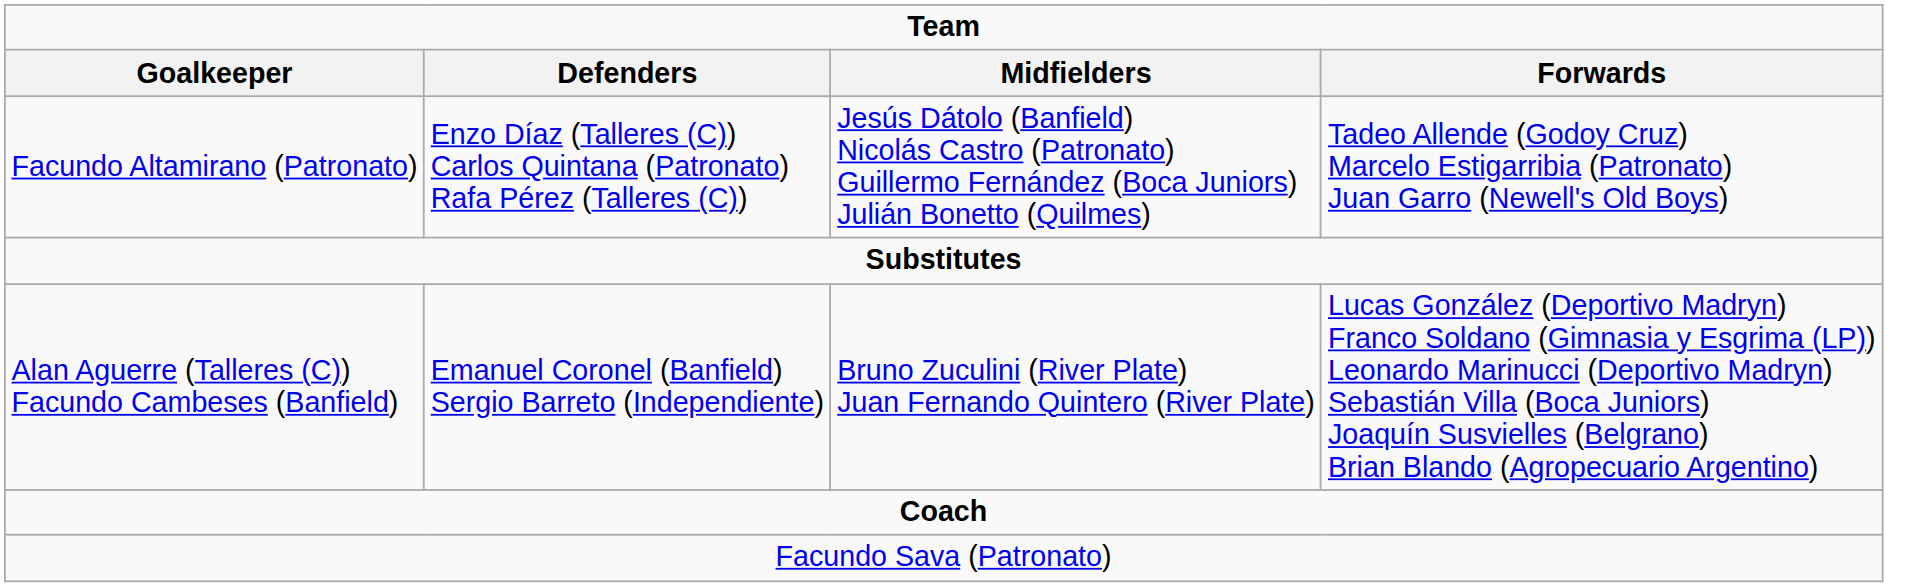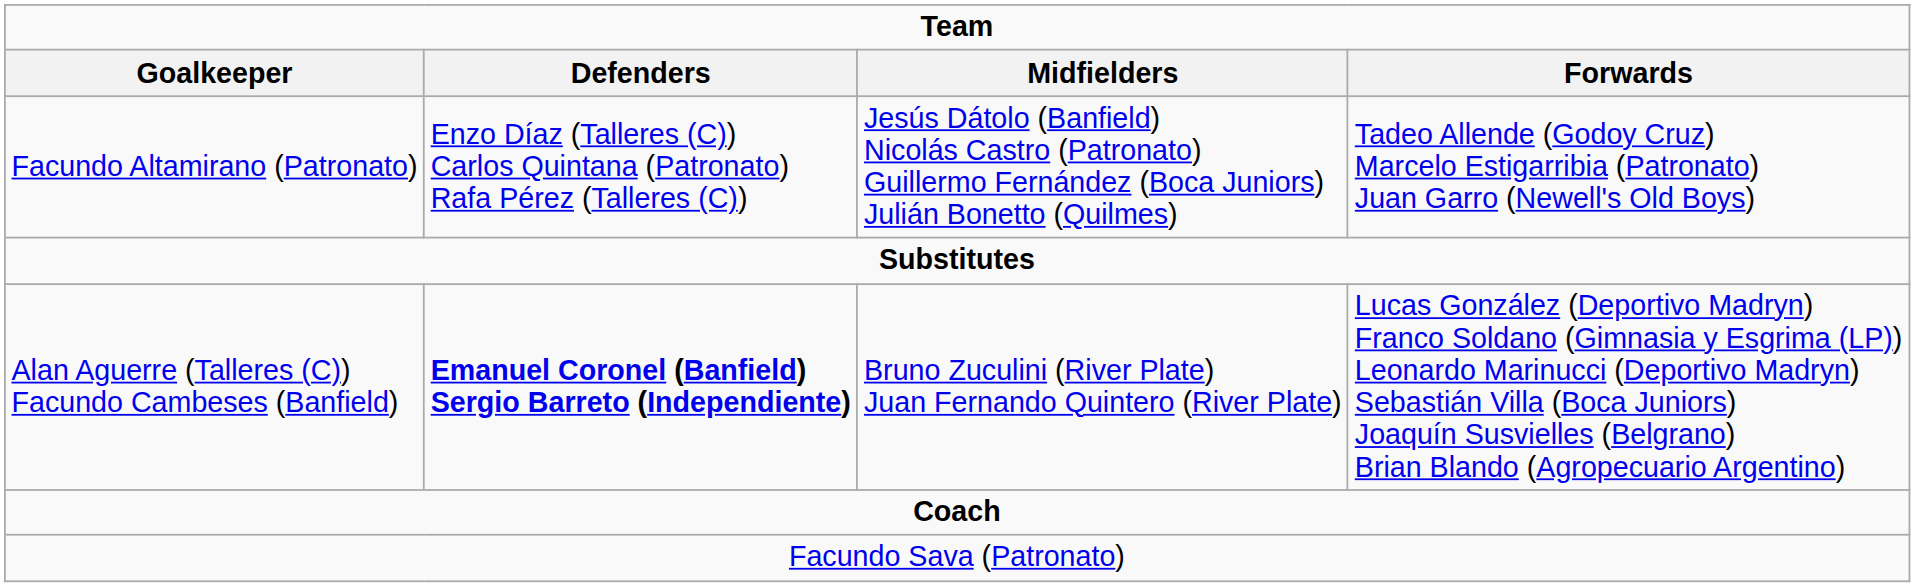 <table class=wikitable>
 <tr>
 <td colspan=4 align=center><strong>Team</strong></td>
 </tr>
 <tr>
 <th>Goalkeeper</th>
 <th>Defenders</th>
 <th>Midfielders</th>
 <th>Forwards</th>
 </tr>
 <tr>
 <td><a href='#'>Facundo Altamirano</a> (<a href='#'>Patronato</a>)</td>
 <td><a href='#'>Enzo Díaz</a> (<a href='#'>Talleres (C)</a>)<br><a href='#'>Carlos Quintana</a> (<a href='#'>Patronato</a>)<br><a href='#'>Rafa Pérez</a> (<a href='#'>Talleres (C)</a>)</td>
 <td><a href='#'>Jesús Dátolo</a> (<a href='#'>Banfield</a>)<br><a href='#'>Nicolás Castro</a> (<a href='#'>Patronato</a>)<br><a href='#'>Guillermo Fernández</a> (<a href='#'>Boca Juniors</a>)<br><a href='#'>Julián Bonetto</a> (<a href='#'>Quilmes</a>)</td>
 <td><a href='#'>Tadeo Allende</a> (<a href='#'>Godoy Cruz</a>)<br><a href='#'>Marcelo Estigarribia</a> (<a href='#'>Patronato</a>)<br><a href='#'>Juan Garro</a> (<a href='#'>Newell's Old Boys</a>)</td>
 </tr>
 <tr>
 <td colspan=4 align=center><strong>Substitutes</strong></td>
 </tr>
 <tr>
 <td><a href='#'>Alan Aguerre</a> (<a href='#'>Talleres (C)</a>)<br><a href='#'>Facundo Cambeses</a> (<a href='#'>Banfield</a>)</td>
-<td><a href='#'>Emanuel Coronel</a> (<a href='#'>Banfield</a>)<br><a href='#'>Sergio Barreto</a> (<a href='#'>Independiente</a>)</td>
+<td><strong><a href='#'>Emanuel Coronel</a> (<a href='#'>Banfield</a>)<br><a href='#'>Sergio Barreto</a> (<a href='#'>Independiente</a>)</strong></td>
 <td><a href='#'>Bruno Zuculini</a> (<a href='#'>River Plate</a>)<br><a href='#'>Juan Fernando Quintero</a> (<a href='#'>River Plate</a>)</td>
 <td><a href='#'>Lucas González</a> (<a href='#'>Deportivo Madryn</a>)<br><a href='#'>Franco Soldano</a> (<a href='#'>Gimnasia y Esgrima (LP)</a>)<br><a href='#'>Leonardo Marinucci</a> (<a href='#'>Deportivo Madryn</a>)<br><a href='#'>Sebastián Villa</a> (<a href='#'>Boca Juniors</a>)<br><a href='#'>Joaquín Susvielles</a> (<a href='#'>Belgrano</a>)<br><a href='#'>Brian Blando</a> (<a href='#'>Agropecuario Argentino</a>)</td>
 </tr>
 <tr>
 <td colspan=4 align=center><strong>Coach</strong></td>
 </tr>
 <tr>
 <td colspan=4 align=center><a href='#'>Facundo Sava</a> (<a href='#'>Patronato</a>)</td>
 </tr>
 </table>
